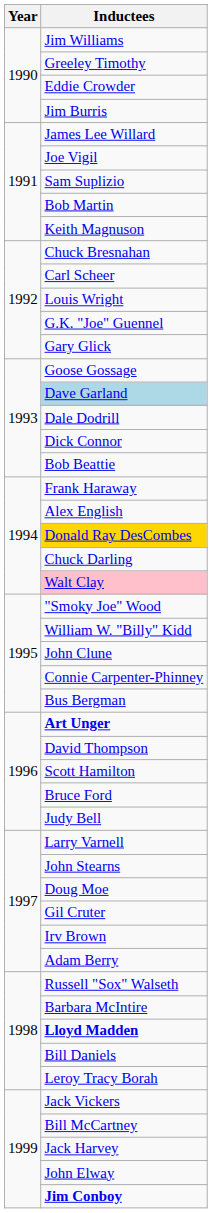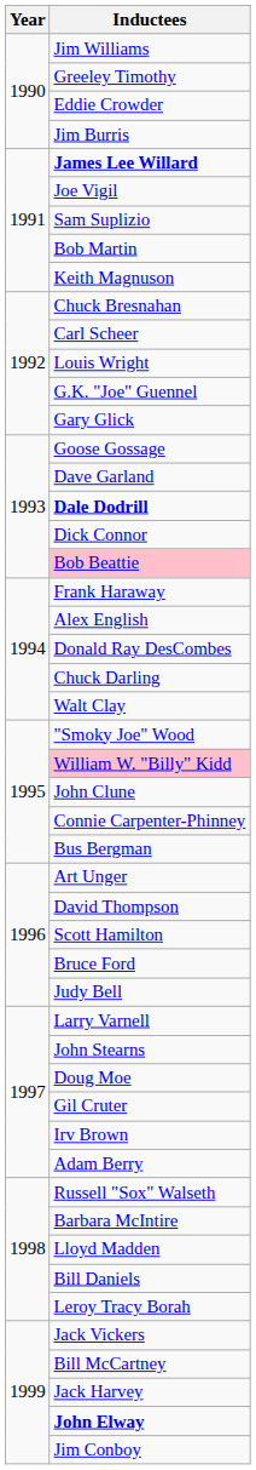 <table class="wikitable">
 <tr>
 <th>Year</th>
 <th colspan="6">Inductees</th>
 </tr>
 <tr>
 <td rowspan="4">1990</td>
 <td><a href='#'>Jim Williams</a></td>
 </tr>
 <tr>
 <td><a href='#'>Greeley Timothy</a></td>
 </tr>
 <tr>
 <td><a href='#'>Eddie Crowder</a></td>
 </tr>
 <tr>
 <td><a href='#'>Jim Burris</a></td>
 </tr>
 <tr>
 <td rowspan="5">1991</td>
-<td><a href='#'>James Lee Willard</a></td>
+<td><strong><a href='#'>James Lee Willard</a></strong></td>
 </tr>
 <tr>
 <td><a href='#'>Joe Vigil</a></td>
 </tr>
 <tr>
 <td><a href='#'>Sam Suplizio</a></td>
 </tr>
 <tr>
 <td><a href='#'>Bob Martin</a></td>
 </tr>
 <tr>
 <td><a href='#'>Keith Magnuson</a></td>
 </tr>
 <tr>
 <td rowspan="5">1992</td>
 <td><a href='#'>Chuck Bresnahan</a></td>
 </tr>
 <tr>
 <td><a href='#'>Carl Scheer</a></td>
 </tr>
 <tr>
 <td><a href='#'>Louis Wright</a></td>
 </tr>
 <tr>
 <td><a href='#'>G.K. "Joe" Guennel</a></td>
 </tr>
 <tr>
 <td><a href='#'>Gary Glick</a></td>
 </tr>
 <tr>
 <td rowspan="5">1993</td>
 <td><a href='#'>Goose Gossage</a></td>
 </tr>
 <tr>
-<td style="background: lightblue;"><a href='#'>Dave Garland</a></td>
+<td><a href='#'>Dave Garland</a></td>
 </tr>
 <tr>
-<td><a href='#'>Dale Dodrill</a></td>
+<td><strong><a href='#'>Dale Dodrill</a></strong></td>
 </tr>
 <tr>
 <td><a href='#'>Dick Connor</a></td>
 </tr>
 <tr>
-<td><a href='#'>Bob Beattie</a></td>
+<td style="background: pink;"><a href='#'>Bob Beattie</a></td>
 </tr>
 <tr>
 <td rowspan="5">1994</td>
 <td><a href='#'>Frank Haraway</a></td>
 </tr>
 <tr>
 <td><a href='#'>Alex English</a></td>
 </tr>
 <tr>
-<td style="background: gold;"><a href='#'>Donald Ray DesCombes</a></td>
+<td><a href='#'>Donald Ray DesCombes</a></td>
 </tr>
 <tr>
 <td><a href='#'>Chuck Darling</a></td>
 </tr>
 <tr>
-<td style="background: pink;"><a href='#'>Walt Clay</a></td>
+<td><a href='#'>Walt Clay</a></td>
 </tr>
 <tr>
 <td rowspan="5">1995</td>
 <td><a href='#'>"Smoky Joe" Wood</a></td>
 </tr>
 <tr>
-<td><a href='#'>William W. "Billy" Kidd</a></td>
+<td style="background: pink;"><a href='#'>William W. "Billy" Kidd</a></td>
 </tr>
 <tr>
 <td><a href='#'>John Clune</a></td>
 </tr>
 <tr>
 <td><a href='#'>Connie Carpenter-Phinney</a></td>
 </tr>
 <tr>
 <td><a href='#'>Bus Bergman</a></td>
 </tr>
 <tr>
 <td rowspan="5">1996</td>
-<td><strong><a href='#'>Art Unger</a></strong></td>
+<td><a href='#'>Art Unger</a></td>
 </tr>
 <tr>
 <td><a href='#'>David Thompson</a></td>
 </tr>
 <tr>
 <td><a href='#'>Scott Hamilton</a></td>
 </tr>
 <tr>
 <td><a href='#'>Bruce Ford</a></td>
 </tr>
 <tr>
 <td><a href='#'>Judy Bell</a></td>
 </tr>
 <tr>
 <td rowspan="6">1997</td>
 <td><a href='#'>Larry Varnell</a></td>
 </tr>
 <tr>
 <td><a href='#'>John Stearns</a></td>
 </tr>
 <tr>
 <td><a href='#'>Doug Moe</a></td>
 </tr>
 <tr>
 <td><a href='#'>Gil Cruter</a></td>
 </tr>
 <tr>
 <td><a href='#'>Irv Brown</a></td>
 </tr>
 <tr>
 <td><a href='#'>Adam Berry</a></td>
 </tr>
 <tr>
 <td rowspan="5">1998</td>
 <td><a href='#'>Russell "Sox" Walseth</a></td>
 </tr>
 <tr>
 <td><a href='#'>Barbara McIntire</a></td>
 </tr>
 <tr>
-<td><strong><a href='#'>Lloyd Madden</a></strong></td>
+<td><a href='#'>Lloyd Madden</a></td>
 </tr>
 <tr>
 <td><a href='#'>Bill Daniels</a></td>
 </tr>
 <tr>
 <td><a href='#'>Leroy Tracy Borah</a></td>
 </tr>
 <tr>
 <td rowspan="5">1999</td>
 <td><a href='#'>Jack Vickers</a></td>
 </tr>
 <tr>
 <td><a href='#'>Bill McCartney</a></td>
 </tr>
 <tr>
 <td><a href='#'>Jack Harvey</a></td>
 </tr>
 <tr>
-<td><a href='#'>John Elway</a></td>
+<td><strong><a href='#'>John Elway</a></strong></td>
 </tr>
 <tr>
-<td><strong><a href='#'>Jim Conboy</a></strong></td>
+<td><a href='#'>Jim Conboy</a></td>
 </tr>
 </table>
